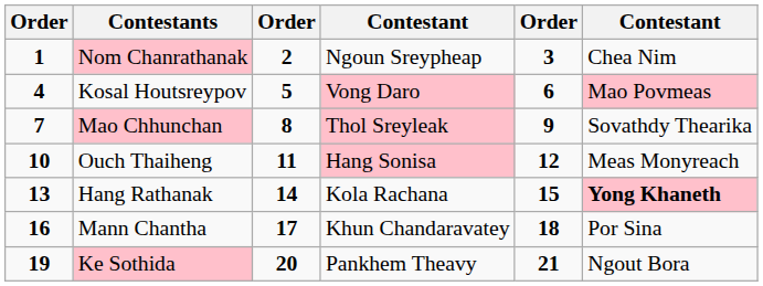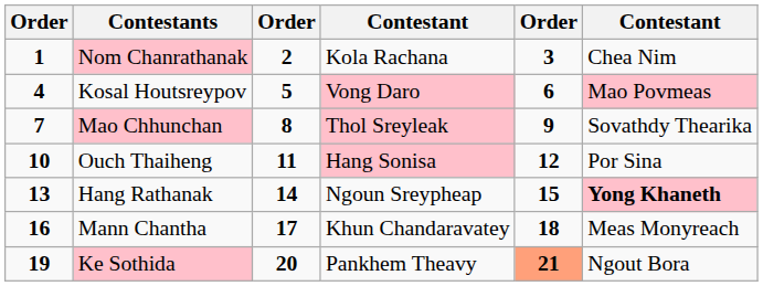 <table class="wikitable">
 <tr>
 <th>Order</th>
 <th>Contestants</th>
 <th>Order</th>
 <th>Contestant</th>
 <th>Order</th>
 <th>Contestant</th>
 </tr>
 <tr>
 <td align="center"><strong>1</strong></td>
 <td style="background:pink">Nom Chanrathanak</td>
 <td align="center"><strong>2</strong></td>
-<td>Ngoun Sreypheap</td>
+<td>Kola Rachana</td>
 <td align="center"><strong>3</strong></td>
 <td>Chea Nim</td>
 </tr>
 <tr>
 <td align="center"><strong>4</strong></td>
 <td>Kosal Houtsreypov</td>
 <td align="center"><strong>5</strong></td>
 <td style="background:pink">Vong Daro</td>
 <td align="center"><strong>6</strong></td>
 <td style="background:pink">Mao Povmeas</td>
 </tr>
 <tr>
 <td align="center"><strong>7</strong></td>
 <td style="background:pink">Mao Chhunchan</td>
 <td align="center"><strong>8</strong></td>
 <td style="background:pink">Thol Sreyleak</td>
 <td align="center"><strong>9</strong></td>
 <td>Sovathdy Thearika</td>
 </tr>
 <tr>
 <td align="center"><strong>10</strong></td>
 <td>Ouch Thaiheng</td>
 <td align="center"><strong>11</strong></td>
 <td style="background:pink">Hang Sonisa</td>
 <td align="center"><strong>12</strong></td>
-<td>Meas Monyreach</td>
+<td>Por Sina</td>
 </tr>
 <tr>
 <td align="center"><strong>13</strong></td>
 <td>Hang Rathanak</td>
 <td align="center"><strong>14</strong></td>
-<td>Kola Rachana</td>
+<td>Ngoun Sreypheap</td>
 <td align="center"><strong>15</strong></td>
 <td style="background:pink"><strong>Yong Khaneth</strong></td>
 </tr>
 <tr>
 <td align="center"><strong>16</strong></td>
 <td>Mann Chantha</td>
 <td align="center"><strong>17</strong></td>
 <td>Khun Chandaravatey</td>
 <td align="center"><strong>18</strong></td>
-<td>Por Sina</td>
+<td>Meas Monyreach</td>
 </tr>
 <tr>
 <td align="center"><strong>19</strong></td>
 <td style="background:pink">Ke Sothida</td>
 <td align="center"><strong>20</strong></td>
 <td>Pankhem Theavy</td>
-<td align="center"><strong>21</strong></td>
+<td align="center" style="background: lightsalmon;"><strong>21</strong></td>
 <td>Ngout Bora</td>
 </tr>
 </table>
